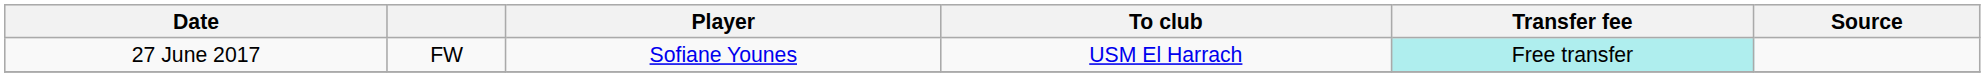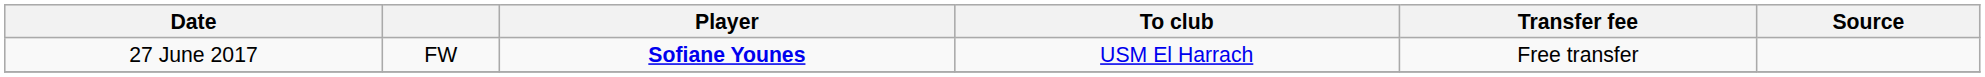 <table class="wikitable sortable" style="width:80%; text-align:center; font-size:85%; text-align:centre;">
 <tr>
 <th>Date</th>
 <th></th>
 <th>Player</th>
 <th>To club</th>
 <th>Transfer fee</th>
 <th>Source</th>
 </tr>
 <tr>
 <td>27 June 2017</td>
 <td>FW</td>
-<td> <a href='#'>Sofiane Younes</a></td>
+<td><strong> <a href='#'>Sofiane Younes</a></strong></td>
 <td><a href='#'>USM El Harrach</a></td>
-<td style="background: paleturquoise;">Free transfer</td>
+<td>Free transfer</td>
 <td></td>
 </tr>
 <tr>
 </tr>
 </table>
